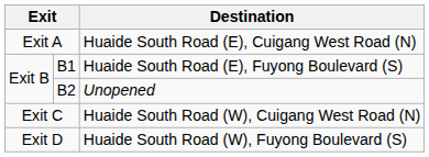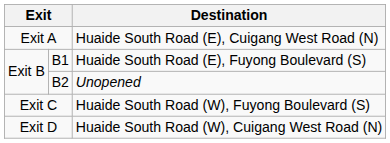 <table class="wikitable">
 <tr>
 <th style="width:70px" colspan=2>Exit</th>
 <th>Destination</th>
 </tr>
 <tr>
 <td align=center colspan=2>Exit A</td>
 <td>Huaide South Road (E), Cuigang West Road (N)</td>
 </tr>
 <tr>
 <td align=center rowspan=2>Exit B</td>
 <td>B1</td>
 <td>Huaide South Road (E), Fuyong Boulevard (S)</td>
 </tr>
 <tr>
 <td>B2</td>
 <td><em>Unopened</em></td>
 </tr>
 <tr>
 <td align=center colspan=2>Exit C</td>
-<td>Huaide South Road (W), Cuigang West Road (N)</td>
+<td>Huaide South Road (W), Fuyong Boulevard (S)</td>
 </tr>
 <tr>
 <td align=center colspan=2>Exit D</td>
-<td>Huaide South Road (W), Fuyong Boulevard (S)</td>
+<td>Huaide South Road (W), Cuigang West Road (N)</td>
 </tr>
 </table>
